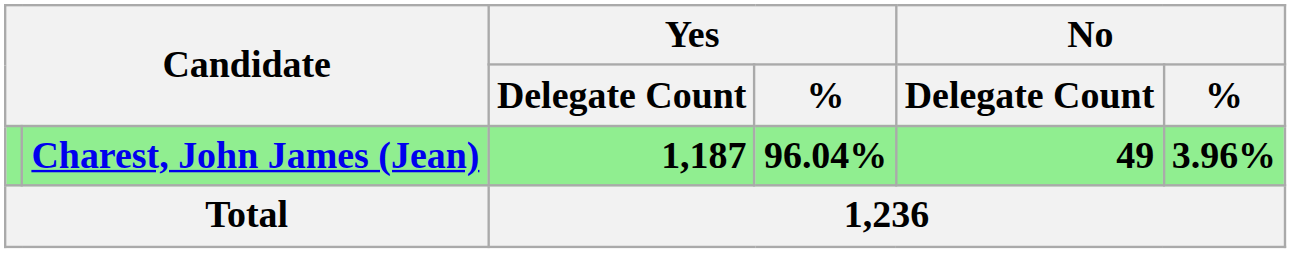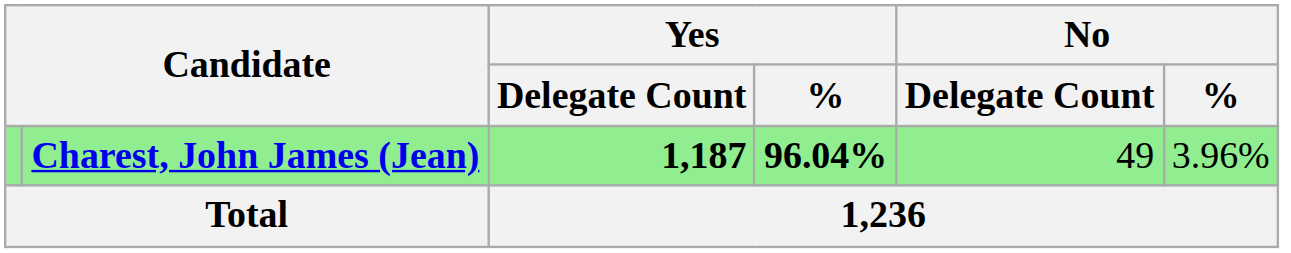 <table class="wikitable">
 <tr>
 <th rowspan="2" colspan="2">Candidate</th>
 <th colspan="2">Yes</th>
 <th colspan="2">No</th>
 </tr>
 <tr>
 <th>Delegate Count</th>
 <th>%</th>
 <th>Delegate Count</th>
 <th>%</th>
 </tr>
 <tr style="background:lightgreen;">
 <td></td>
 <td><strong><a href='#'>Charest, John James (Jean)</a></strong></td>
 <td align="right"><strong>1,187</strong></td>
 <td align="right"><strong>96.04%</strong></td>
-<td align="right"><strong>49</strong></td>
-<td align="right"><strong>3.96%</strong></td>
+<td align="right">49</td>
+<td align="right">3.96%</td>
 </tr>
 <tr>
 <th colspan="2">Total</th>
 <th colspan="4">1,236</th>
 </tr>
 </table>
